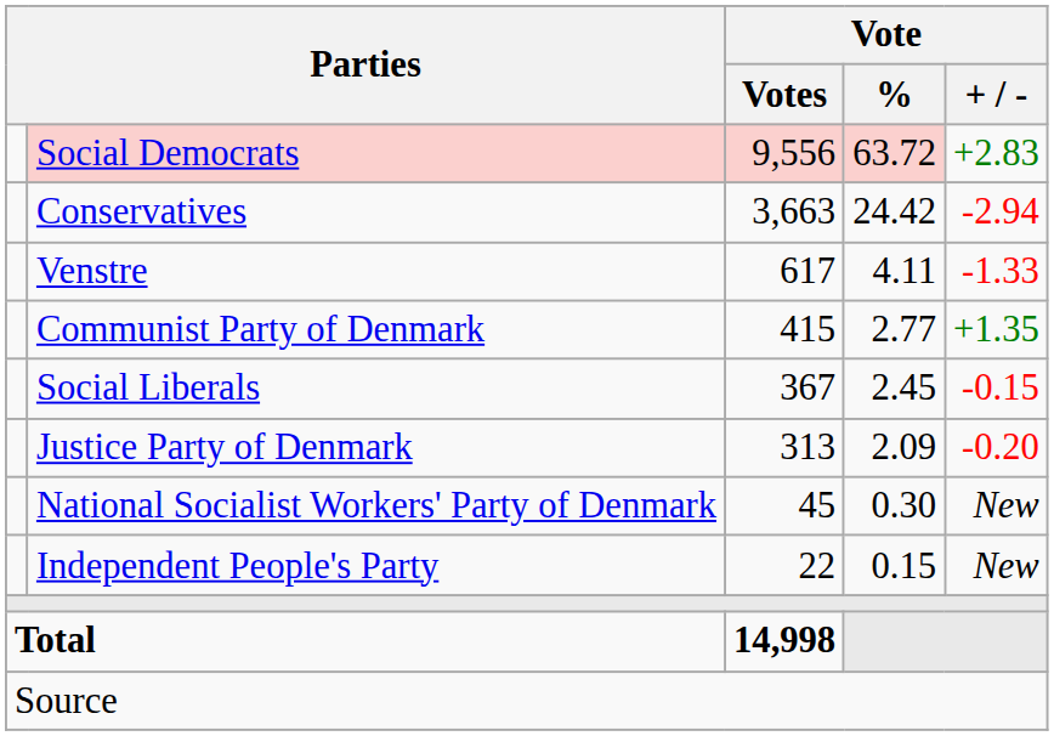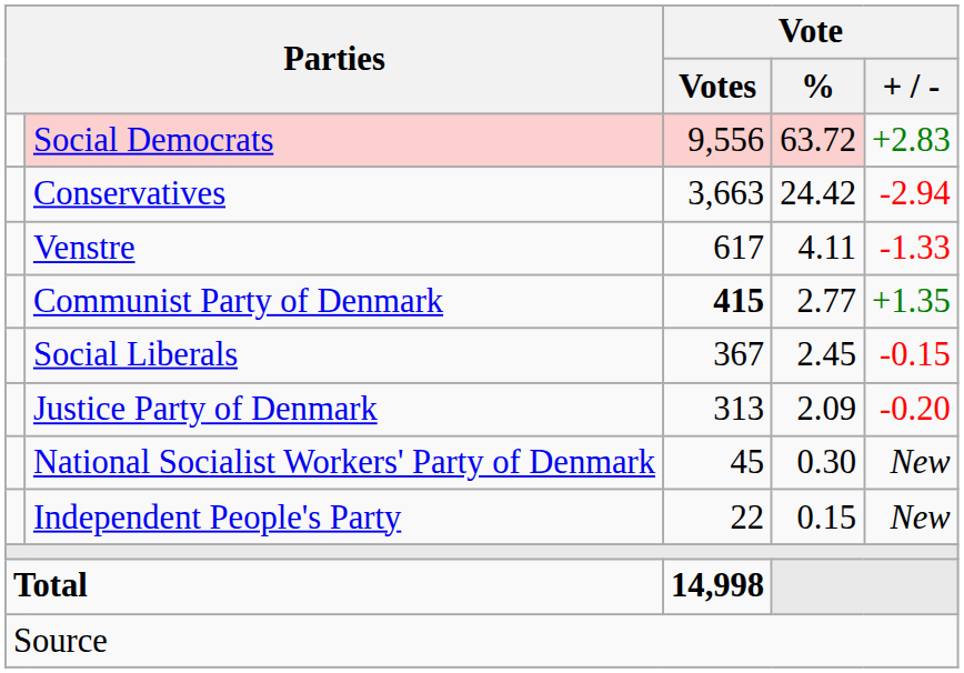 <table class="wikitable" style="text-align:right;">
 <tr>
 <th style="text-align:centre;" rowspan="2" colspan="2" width="225">Parties</th>
 <th colspan="3">Vote</th>
 </tr>
 <tr>
 <th width="15">Votes</th>
 <th width="15">%</th>
 <th width="15">+ / -</th>
 </tr>
 <tr>
 <td width="2" style="color:inherit;background:"></td>
 <td bgcolor=#fbd0ce  align="left"><a href='#'>Social Democrats</a></td>
 <td bgcolor=#fbd0ce>9,556</td>
 <td bgcolor=#fbd0ce>63.72</td>
 <td style=color:green;>+2.83</td>
 </tr>
 <tr>
 <td width="2" style="color:inherit;background:"></td>
 <td align="left"><a href='#'>Conservatives</a></td>
 <td>3,663</td>
 <td>24.42</td>
 <td style=color:red;>-2.94</td>
 </tr>
 <tr>
 <td width="2" style="color:inherit;background:"></td>
 <td align="left"><a href='#'>Venstre</a></td>
 <td>617</td>
 <td>4.11</td>
 <td style=color:red;>-1.33</td>
 </tr>
 <tr>
 <td width="2" style="color:inherit;background:"></td>
 <td align="left"><a href='#'>Communist Party of Denmark</a></td>
-<td>415</td>
+<td><strong>415</strong></td>
 <td>2.77</td>
 <td style=color:green;>+1.35</td>
 </tr>
 <tr>
 <td width="2" style="color:inherit;background:"></td>
 <td align="left"><a href='#'>Social Liberals</a></td>
 <td>367</td>
 <td>2.45</td>
 <td style=color:red;>-0.15</td>
 </tr>
 <tr>
 <td width="2" style="color:inherit;background:"></td>
 <td align="left"><a href='#'>Justice Party of Denmark</a></td>
 <td>313</td>
 <td>2.09</td>
 <td style=color:red;>-0.20</td>
 </tr>
 <tr>
 <td width="2" style="color:inherit;background:"></td>
 <td align="left"><a href='#'>National Socialist Workers' Party of Denmark</a></td>
 <td>45</td>
 <td>0.30</td>
 <td><em>New</em></td>
 </tr>
 <tr>
 <td width="2" style="color:inherit;background:"></td>
 <td align="left"><a href='#'>Independent People's Party</a></td>
 <td>22</td>
 <td>0.15</td>
 <td><em>New</em></td>
 </tr>
 <tr>
 <td colspan="7" bgcolor="#E9E9E9"></td>
 </tr>
 <tr>
 <td align="left" colspan="2"><strong>Total</strong></td>
 <td><strong>14,998</strong></td>
 <td bgcolor="#E9E9E9" colspan="2"></td>
 </tr>
 <tr>
 <td align="left" colspan="6">Source</td>
 </tr>
 </table>
